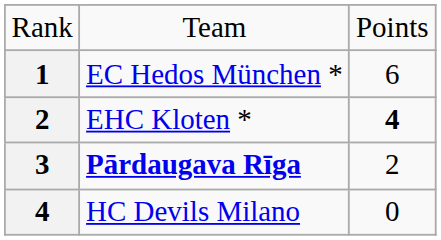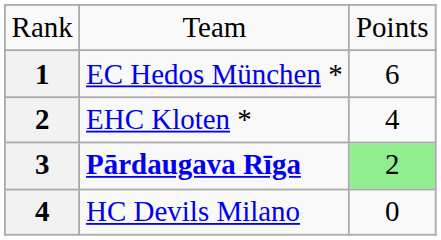 <table class="wikitable" style="text-align: center;">
 <tr>
 <td>Rank</td>
 <td>Team</td>
 <td>Points</td>
 </tr>
 <tr>
 <th>1</th>
 <td style="text-align: left;"> <a href='#'>EC Hedos München</a> *</td>
 <td>6</td>
 </tr>
 <tr>
 <th>2</th>
 <td style="text-align: left;"> <a href='#'>EHC Kloten</a> *</td>
-<td><strong>4</strong></td>
+<td>4</td>
 </tr>
 <tr>
 <th>3</th>
 <td style="text-align: left;"> <strong><a href='#'>Pārdaugava Rīga</a></strong></td>
-<td>2</td>
+<td style="background: lightgreen;">2</td>
 </tr>
 <tr>
 <th>4</th>
 <td style="text-align: left;"> <a href='#'>HC Devils Milano</a></td>
 <td>0</td>
 </tr>
 </table>
